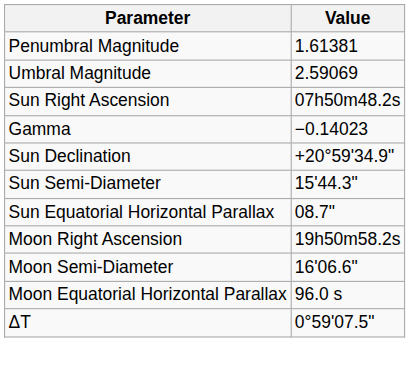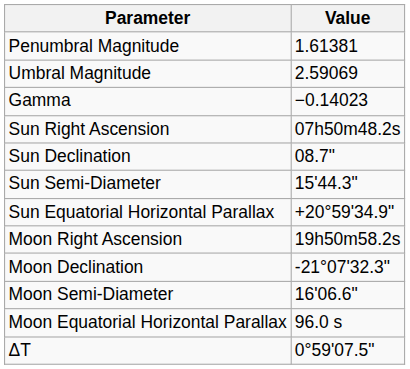 <table class="wikitable">
 <tr>
 <th>Parameter</th>
 <th>Value</th>
 </tr>
 <tr>
 <td>Penumbral Magnitude</td>
 <td>1.61381</td>
 </tr>
 <tr>
 <td>Umbral Magnitude</td>
 <td>2.59069</td>
 </tr>
 <tr>
+<td>Gamma</td>
+<td>−0.14023</td>
+</tr>
+<tr>
 <td>Sun Right Ascension</td>
 <td>07h50m48.2s</td>
 </tr>
 <tr>
-<td>Gamma</td>
-<td>−0.14023</td>
-</tr>
-<tr>
 <td>Sun Declination</td>
-<td>+20°59'34.9"</td>
+<td>08.7"</td>
 </tr>
 <tr>
 <td>Sun Semi-Diameter</td>
 <td>15'44.3"</td>
 </tr>
 <tr>
 <td>Sun Equatorial Horizontal Parallax</td>
-<td>08.7"</td>
+<td>+20°59'34.9"</td>
 </tr>
 <tr>
 <td>Moon Right Ascension</td>
 <td>19h50m58.2s</td>
+</tr>
+<tr>
+<td>Moon Declination</td>
+<td>-21°07'32.3"</td>
 </tr>
 <tr>
 <td>Moon Semi-Diameter</td>
 <td>16'06.6"</td>
 </tr>
 <tr>
 <td>Moon Equatorial Horizontal Parallax</td>
 <td>96.0 s</td>
 </tr>
 <tr>
 <td>ΔT</td>
 <td>0°59'07.5"</td>
 </tr>
 </table>
